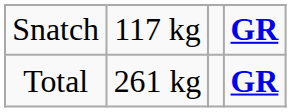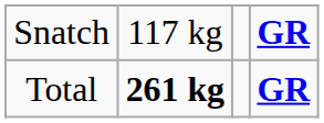 <table class = "wikitable" style="text-align:center;">
 <tr>
 <td>Snatch</td>
 <td>117 kg</td>
 <td align=left></td>
 <td><strong><a href='#'>GR</a></strong></td>
 </tr>
 <tr>
 <td>Total</td>
-<td>261 kg</td>
+<td><strong>261 kg</strong></td>
 <td align=left></td>
 <td><strong><a href='#'>GR</a></strong></td>
 </tr>
 </table>
